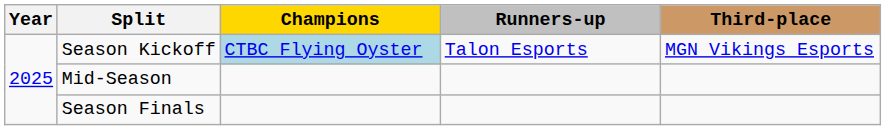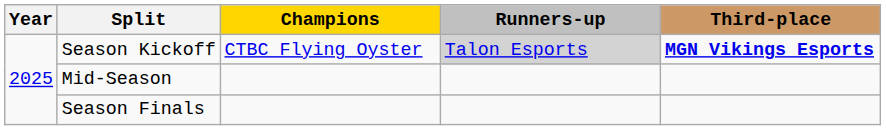 <table class="wikitable" style="white-space:nowrap">
 <tr>
 <th>Year</th>
 <th>Split</th>
 <th style="background:gold; width:150px">Champions</th>
 <th style="background:silver; width:150px">Runners-up</th>
 <th style="background:#C96; width:150px">Third-place</th>
 </tr>
 <tr>
 <td rowspan="3"><a href='#'>2025</a></td>
 <td>Season Kickoff</td>
-<td style="background: lightblue;"> <a href='#'>CTBC Flying Oyster</a></td>
-<td> <a href='#'>Talon Esports</a></td>
-<td> <a href='#'>MGN Vikings Esports</a></td>
+<td> <a href='#'>CTBC Flying Oyster</a></td>
+<td style="background: lightgrey;"> <a href='#'>Talon Esports</a></td>
+<td><strong> <a href='#'>MGN Vikings Esports</a></strong></td>
 </tr>
 <tr>
 <td>Mid-Season</td>
 <td></td>
 <td></td>
 <td></td>
 </tr>
 <tr>
 <td>Season Finals</td>
 <td></td>
 <td></td>
 <td></td>
 </tr>
 </table>
